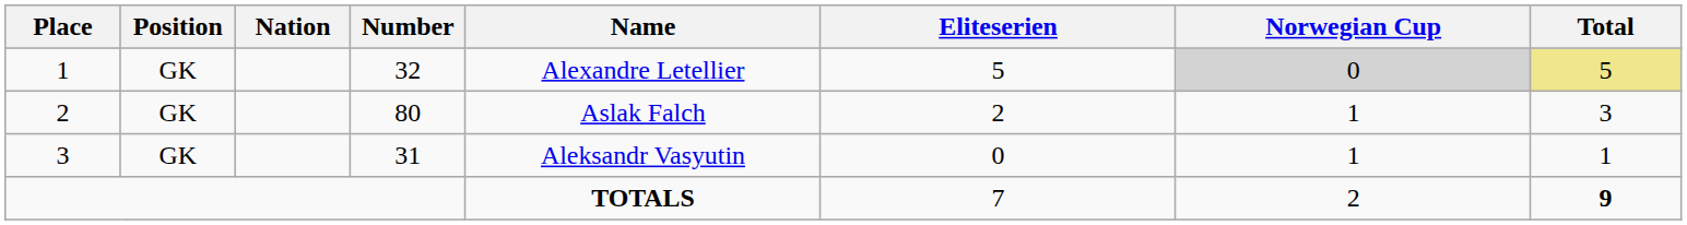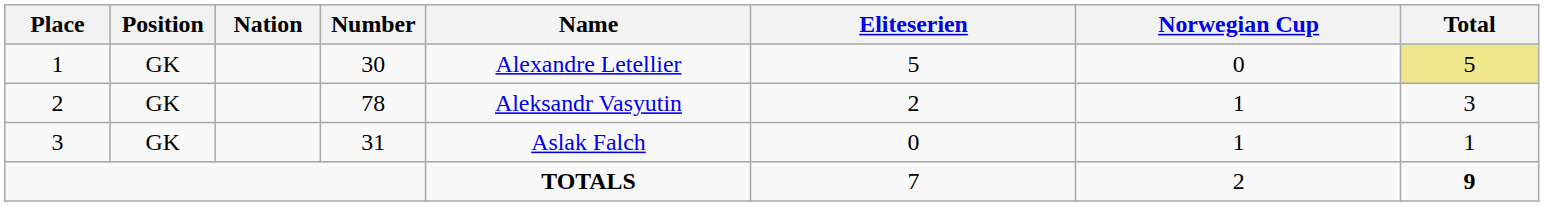 <table class="wikitable" style="font-size: 95%; text-align: center;">
 <tr>
 <th width=60>Place</th>
 <th width=60>Position</th>
 <th width=60>Nation</th>
 <th width=60>Number</th>
 <th width=200>Name</th>
 <th width=200><a href='#'>Eliteserien</a></th>
 <th width=200><a href='#'>Norwegian Cup</a></th>
 <th width=80><strong>Total</strong></th>
 </tr>
 <tr>
 <td>1</td>
 <td>GK</td>
 <td></td>
-<td>32</td>
+<td>30</td>
 <td><a href='#'>Alexandre Letellier</a></td>
 <td>5</td>
-<td style="background: lightgrey;">0</td>
+<td>0</td>
 <td style="background: khaki;">5</td>
 </tr>
 <tr>
 <td>2</td>
 <td>GK</td>
 <td></td>
-<td>80</td>
-<td><a href='#'>Aslak Falch</a></td>
+<td>78</td>
+<td><a href='#'>Aleksandr Vasyutin</a></td>
 <td>2</td>
 <td>1</td>
 <td>3</td>
 </tr>
 <tr>
 <td>3</td>
 <td>GK</td>
 <td></td>
 <td>31</td>
-<td><a href='#'>Aleksandr Vasyutin</a></td>
+<td><a href='#'>Aslak Falch</a></td>
 <td>0</td>
 <td>1</td>
 <td>1</td>
 </tr>
 <tr>
 <td colspan="4"></td>
 <td><strong>TOTALS</strong></td>
 <td>7</td>
 <td>2</td>
 <td><strong>9</strong></td>
 </tr>
 </table>
